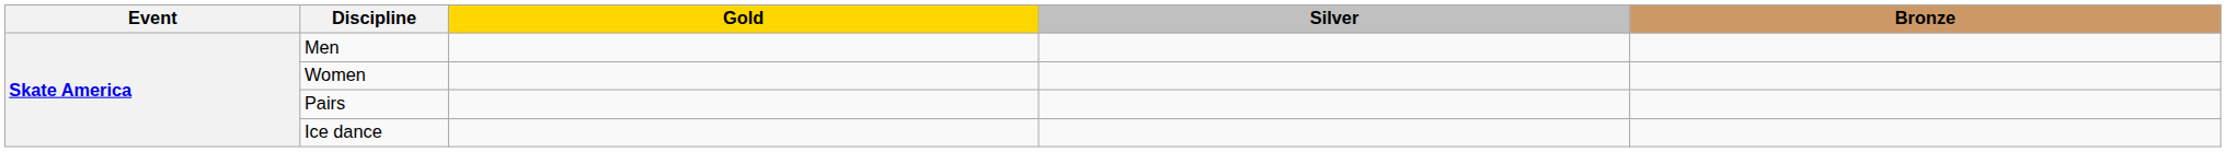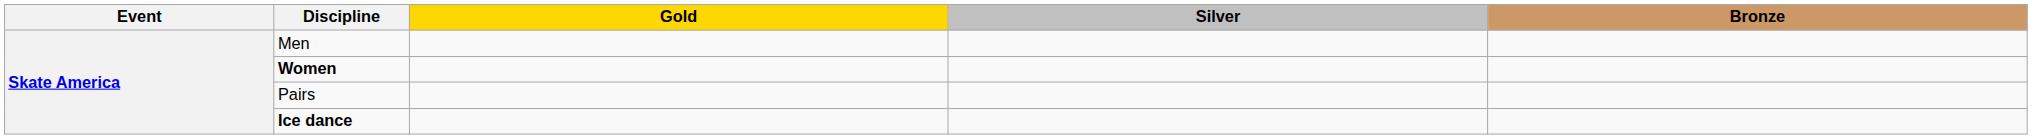 <table class="wikitable unsortable" style="text-align:left; width:100%;">
 <tr>
 <th scope="col" style="width:10%">Event</th>
 <th scope="col" style="width:5%">Discipline</th>
 <td scope="col" style="text-align:center; width:20%; background:gold"><strong>Gold</strong></td>
 <td scope="col" style="text-align:center; width:20%; background:silver"><strong>Silver</strong></td>
 <td scope="col" style="text-align:center; width:20%; background:#c96"><strong>Bronze</strong></td>
 </tr>
 <tr>
 <th scope="row" style="text-align:left" rowspan="4"> <a href='#'>Skate America</a></th>
 <td>Men</td>
 <td></td>
 <td></td>
 <td></td>
 </tr>
 <tr>
-<td>Women</td>
+<td><strong>Women</strong></td>
 <td></td>
 <td></td>
 <td></td>
 </tr>
 <tr>
 <td>Pairs</td>
 <td></td>
 <td></td>
 <td></td>
 </tr>
 <tr>
-<td>Ice dance</td>
+<td><strong>Ice dance</strong></td>
 <td></td>
 <td></td>
 <td></td>
 </tr>
 </table>
